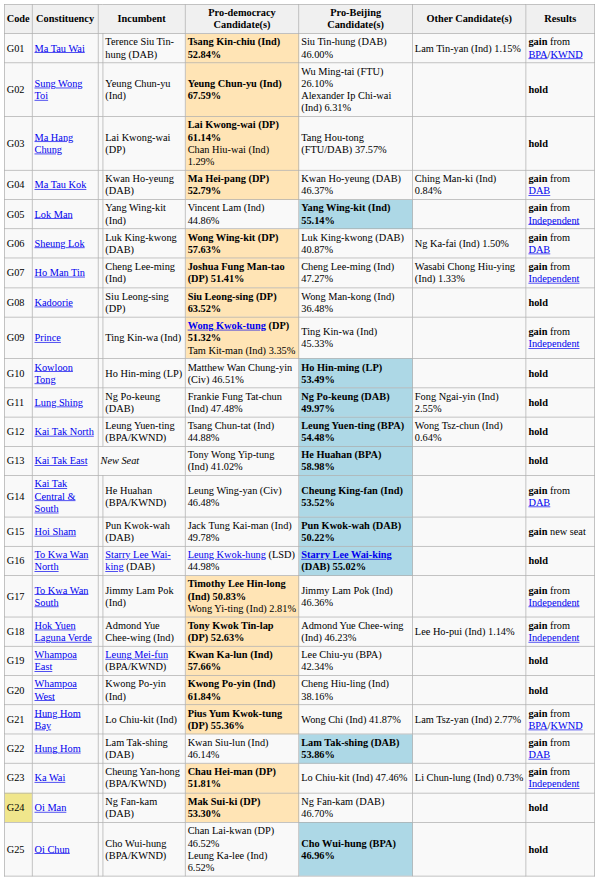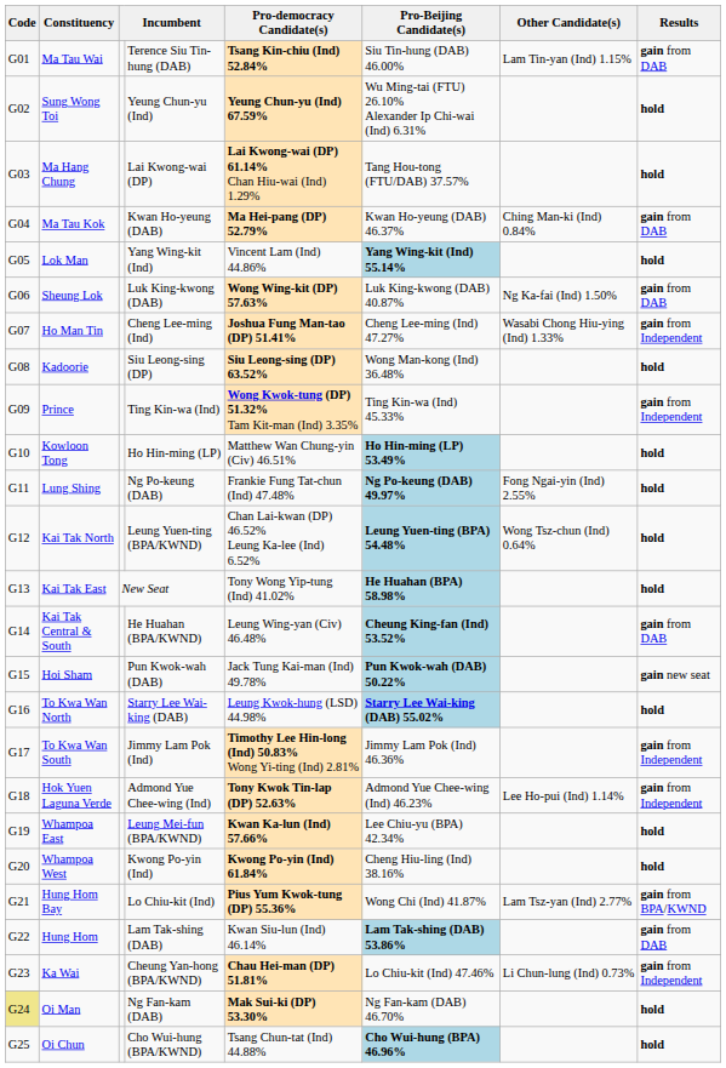 <table class="wikitable sortable" style="font-size: 95%;">
 <tr>
 <th align="center" style="background:#f0f0f0;" width="20px">Code</th>
 <th align="center" style="background:#f0f0f0;" width="90px">Constituency</th>
 <th align="center" style="background:#f0f0f0;" width="120px" colspan="2">Incumbent</th>
 <th align="center" style="background:#f0f0f0;" width="160px">Pro-democracy Candidate(s)</th>
 <th align="center" style="background:#f0f0f0;" width="160px">Pro-Beijing Candidate(s)</th>
 <th align="center" style="background:#f0f0f0;" width="160px">Other Candidate(s)</th>
 <th align="center" style="background:#f0f0f0;" width="100px" colspan="2">Results</th>
 </tr>
 <tr>
 <td>G01</td>
 <td><a href='#'>Ma Tau Wai</a></td>
 <td></td>
 <td>Terence Siu Tin-hung (DAB)</td>
 <td style="background-color:Moccasin"><strong>Tsang Kin-chiu (Ind) 52.84%</strong></td>
 <td>Siu Tin-hung (DAB) 46.00%</td>
 <td>Lam Tin-yan (Ind) 1.15%</td>
-<td> <strong>gain</strong> from <a href='#'>BPA</a>/<a href='#'>KWND</a></td>
+<td> <strong>gain</strong> from <a href='#'>DAB</a></td>
 </tr>
 <tr>
 <td>G02</td>
 <td><a href='#'>Sung Wong Toi</a></td>
 <td></td>
 <td>Yeung Chun-yu (Ind)</td>
 <td style="background-color:Moccasin"><strong>Yeung Chun-yu (Ind) 67.59%</strong></td>
 <td>Wu Ming-tai (FTU) 26.10%<br>Alexander Ip Chi-wai (Ind) 6.31%</td>
 <td></td>
 <td> <strong>hold</strong></td>
 </tr>
 <tr>
 <td>G03</td>
 <td><a href='#'>Ma Hang Chung</a></td>
 <td></td>
 <td>Lai Kwong-wai (DP)</td>
 <td style="background-color:Moccasin"><strong>Lai Kwong-wai (DP) 61.14%</strong><br>Chan Hiu-wai (Ind) 1.29%</td>
 <td>Tang Hou-tong (FTU/DAB) 37.57%</td>
 <td></td>
 <td> <strong>hold</strong></td>
 </tr>
 <tr>
 <td>G04</td>
 <td><a href='#'>Ma Tau Kok</a></td>
 <td></td>
 <td>Kwan Ho-yeung (DAB)</td>
 <td style="background-color:Moccasin"><strong>Ma Hei-pang (DP) 52.79%</strong></td>
 <td>Kwan Ho-yeung (DAB) 46.37%</td>
 <td>Ching Man-ki (Ind) 0.84%</td>
 <td> <strong>gain</strong> from <a href='#'>DAB</a></td>
 </tr>
 <tr>
 <td>G05</td>
 <td><a href='#'>Lok Man</a></td>
 <td></td>
 <td>Yang Wing-kit (Ind)</td>
 <td>Vincent Lam (Ind) 44.86%</td>
 <td style="background-color:LightBlue"><strong>Yang Wing-kit (Ind) 55.14%</strong></td>
 <td></td>
-<td> <strong>gain</strong> from <a href='#'>Independent</a></td>
+<td> <strong>hold</strong></td>
 </tr>
 <tr>
 <td>G06</td>
 <td><a href='#'>Sheung Lok</a></td>
 <td></td>
 <td>Luk King-kwong (DAB)</td>
 <td style="background-color:Moccasin"><strong>Wong Wing-kit (DP) 57.63%</strong></td>
 <td>Luk King-kwong (DAB) 40.87%</td>
 <td>Ng Ka-fai (Ind) 1.50%</td>
 <td> <strong>gain</strong> from <a href='#'>DAB</a></td>
 </tr>
 <tr>
 <td>G07</td>
 <td><a href='#'>Ho Man Tin</a></td>
 <td></td>
 <td>Cheng Lee-ming (Ind)</td>
 <td style="background-color:Moccasin"><strong>Joshua Fung Man-tao (DP) 51.41%</strong></td>
 <td>Cheng Lee-ming (Ind) 47.27%</td>
 <td>Wasabi Chong Hiu-ying (Ind) 1.33%</td>
 <td> <strong>gain</strong> from <a href='#'>Independent</a></td>
 </tr>
 <tr>
 <td>G08</td>
 <td><a href='#'>Kadoorie</a></td>
 <td></td>
 <td>Siu Leong-sing (DP)</td>
 <td style="background-color:Moccasin"><strong>Siu Leong-sing (DP) 63.52%</strong></td>
 <td>Wong Man-kong (Ind) 36.48%</td>
 <td></td>
 <td> <strong>hold</strong></td>
 </tr>
 <tr>
 <td>G09</td>
 <td><a href='#'>Prince</a></td>
 <td></td>
 <td>Ting Kin-wa (Ind)</td>
 <td style="background-color:Moccasin"><strong><a href='#'>Wong Kwok-tung</a> (DP) 51.32%<br></strong>Tam Kit-man (Ind) 3.35%</td>
 <td>Ting Kin-wa (Ind) 45.33%</td>
 <td></td>
 <td> <strong>gain</strong> from <a href='#'>Independent</a></td>
 </tr>
 <tr>
 <td>G10</td>
 <td><a href='#'>Kowloon Tong</a></td>
 <td></td>
 <td>Ho Hin-ming (LP)</td>
 <td>Matthew Wan Chung-yin (Civ) 46.51%</td>
 <td style="background-color:LightBlue"><strong>Ho Hin-ming (LP) 53.49%</strong></td>
 <td></td>
 <td> <strong>hold</strong></td>
 </tr>
 <tr>
 <td>G11</td>
 <td><a href='#'>Lung Shing</a></td>
 <td></td>
 <td>Ng Po-keung (DAB)</td>
 <td>Frankie Fung Tat-chun (Ind) 47.48%</td>
 <td style="background-color:LightBlue"><strong>Ng Po-keung (DAB) 49.97%</strong></td>
 <td>Fong Ngai-yin (Ind) 2.55%</td>
 <td> <strong>hold</strong></td>
 </tr>
 <tr>
 <td>G12</td>
 <td><a href='#'>Kai Tak North</a></td>
 <td></td>
 <td>Leung Yuen-ting (BPA/KWND)</td>
-<td>Tsang Chun-tat (Ind) 44.88%</td>
+<td>Chan Lai-kwan (DP) 46.52%<br>Leung Ka-lee (Ind) 6.52%</td>
 <td style="background-color:LightBlue"><strong>Leung Yuen-ting (BPA) 54.48%</strong></td>
 <td>Wong Tsz-chun (Ind) 0.64%</td>
 <td> <strong>hold</strong></td>
 </tr>
 <tr>
 <td>G13</td>
 <td><a href='#'>Kai Tak East</a></td>
 <td colspan=2><em>New Seat</em></td>
 <td>Tony Wong Yip-tung (Ind) 41.02%</td>
 <td style="background-color:LightBlue"><strong>He Huahan (BPA) 58.98%</strong></td>
 <td></td>
 <td> <strong>hold</strong></td>
 </tr>
 <tr>
 <td>G14</td>
 <td><a href='#'>Kai Tak Central & South</a></td>
 <td></td>
 <td>He Huahan (BPA/KWND)</td>
 <td>Leung Wing-yan (Civ) 46.48%</td>
 <td style="background-color:LightBlue"><strong>Cheung King-fan (Ind) 53.52%</strong></td>
 <td></td>
 <td> <strong>gain</strong> from <a href='#'>DAB</a></td>
 </tr>
 <tr>
 <td>G15</td>
 <td><a href='#'>Hoi Sham</a></td>
 <td></td>
 <td>Pun Kwok-wah (DAB)</td>
 <td>Jack Tung Kai-man (Ind) 49.78%</td>
 <td style="background-color:LightBlue"><strong>Pun Kwok-wah (DAB) 50.22%</strong></td>
 <td></td>
 <td> <strong>gain</strong> new seat</td>
 </tr>
 <tr>
 <td>G16</td>
 <td><a href='#'>To Kwa Wan North</a></td>
 <td></td>
 <td><a href='#'>Starry Lee Wai-king</a> (DAB)</td>
 <td><a href='#'>Leung Kwok-hung</a> (LSD) 44.98%</td>
 <td style="background-color:LightBlue"><strong><a href='#'>Starry Lee Wai-king</a> (DAB) 55.02%</strong></td>
 <td></td>
 <td> <strong>hold</strong></td>
 </tr>
 <tr>
 <td>G17</td>
 <td><a href='#'>To Kwa Wan South</a></td>
 <td></td>
 <td>Jimmy Lam Pok (Ind)</td>
 <td style="background-color:Moccasin"><strong>Timothy Lee Hin-long (Ind) 50.83%</strong><br>Wong Yi-ting (Ind) 2.81%</td>
 <td>Jimmy Lam Pok (Ind) 46.36%</td>
 <td></td>
 <td> <strong>gain</strong> from <a href='#'>Independent</a></td>
 </tr>
 <tr>
 <td>G18</td>
 <td><a href='#'>Hok Yuen Laguna Verde</a></td>
 <td></td>
 <td>Admond Yue Chee-wing (Ind)</td>
 <td style="background-color:Moccasin"><strong>Tony Kwok Tin-lap (DP) 52.63%</strong></td>
 <td>Admond Yue Chee-wing (Ind) 46.23%</td>
 <td>Lee Ho-pui (Ind) 1.14%</td>
 <td> <strong>gain</strong> from <a href='#'>Independent</a></td>
 </tr>
 <tr>
 <td>G19</td>
 <td><a href='#'>Whampoa East</a></td>
 <td></td>
 <td><a href='#'>Leung Mei-fun</a> (BPA/KWND)</td>
 <td style="background-color:Moccasin"><strong>Kwan Ka-lun (Ind) 57.66%</strong></td>
 <td>Lee Chiu-yu (BPA) 42.34%</td>
 <td></td>
 <td> <strong>hold</strong></td>
 </tr>
 <tr>
 <td>G20</td>
 <td><a href='#'>Whampoa West</a></td>
 <td></td>
 <td>Kwong Po-yin (Ind)</td>
 <td style="background-color:Moccasin"><strong>Kwong Po-yin (Ind) 61.84%</strong></td>
 <td>Cheng Hiu-ling (Ind) 38.16%</td>
 <td></td>
 <td> <strong>hold</strong></td>
 </tr>
 <tr>
 <td>G21</td>
 <td><a href='#'>Hung Hom Bay</a></td>
 <td></td>
 <td>Lo Chiu-kit (Ind)</td>
 <td style="background-color:Moccasin"><strong>Pius Yum Kwok-tung (DP) 55.36%</strong></td>
 <td>Wong Chi (Ind) 41.87%</td>
 <td>Lam Tsz-yan (Ind) 2.77%</td>
 <td> <strong>gain</strong> from <a href='#'>BPA</a>/<a href='#'>KWND</a></td>
 </tr>
 <tr>
 <td>G22</td>
 <td><a href='#'>Hung Hom</a></td>
 <td></td>
 <td>Lam Tak-shing (DAB)</td>
 <td>Kwan Siu-lun (Ind) 46.14%</td>
 <td style="background-color:LightBlue"><strong>Lam Tak-shing (DAB) 53.86%</strong></td>
 <td></td>
 <td> <strong>gain</strong> from <a href='#'>DAB</a></td>
 </tr>
 <tr>
 <td>G23</td>
 <td><a href='#'>Ka Wai</a></td>
 <td></td>
 <td>Cheung Yan-hong (BPA/KWND)</td>
 <td style="background-color:Moccasin"><strong>Chau Hei-man (DP) 51.81%</strong></td>
 <td>Lo Chiu-kit (Ind) 47.46%</td>
 <td>Li Chun-lung (Ind) 0.73%</td>
 <td> <strong>gain</strong> from <a href='#'>Independent</a></td>
 </tr>
 <tr>
 <td style="background: khaki;">G24</td>
 <td><a href='#'>Oi Man</a></td>
 <td></td>
 <td>Ng Fan-kam (DAB)</td>
 <td style="background-color:Moccasin"><strong>Mak Sui-ki (DP) 53.30%</strong></td>
 <td>Ng Fan-kam (DAB) 46.70%</td>
 <td></td>
 <td> <strong>hold</strong></td>
 </tr>
 <tr>
 <td>G25</td>
 <td><a href='#'>Oi Chun</a></td>
 <td></td>
 <td>Cho Wui-hung (BPA/KWND)</td>
-<td>Chan Lai-kwan (DP) 46.52%<br>Leung Ka-lee (Ind) 6.52%</td>
+<td>Tsang Chun-tat (Ind) 44.88%</td>
 <td style="background-color:LightBlue"><strong>Cho Wui-hung (BPA) 46.96%</strong></td>
 <td></td>
 <td> <strong>hold</strong></td>
 </tr>
 </table>
